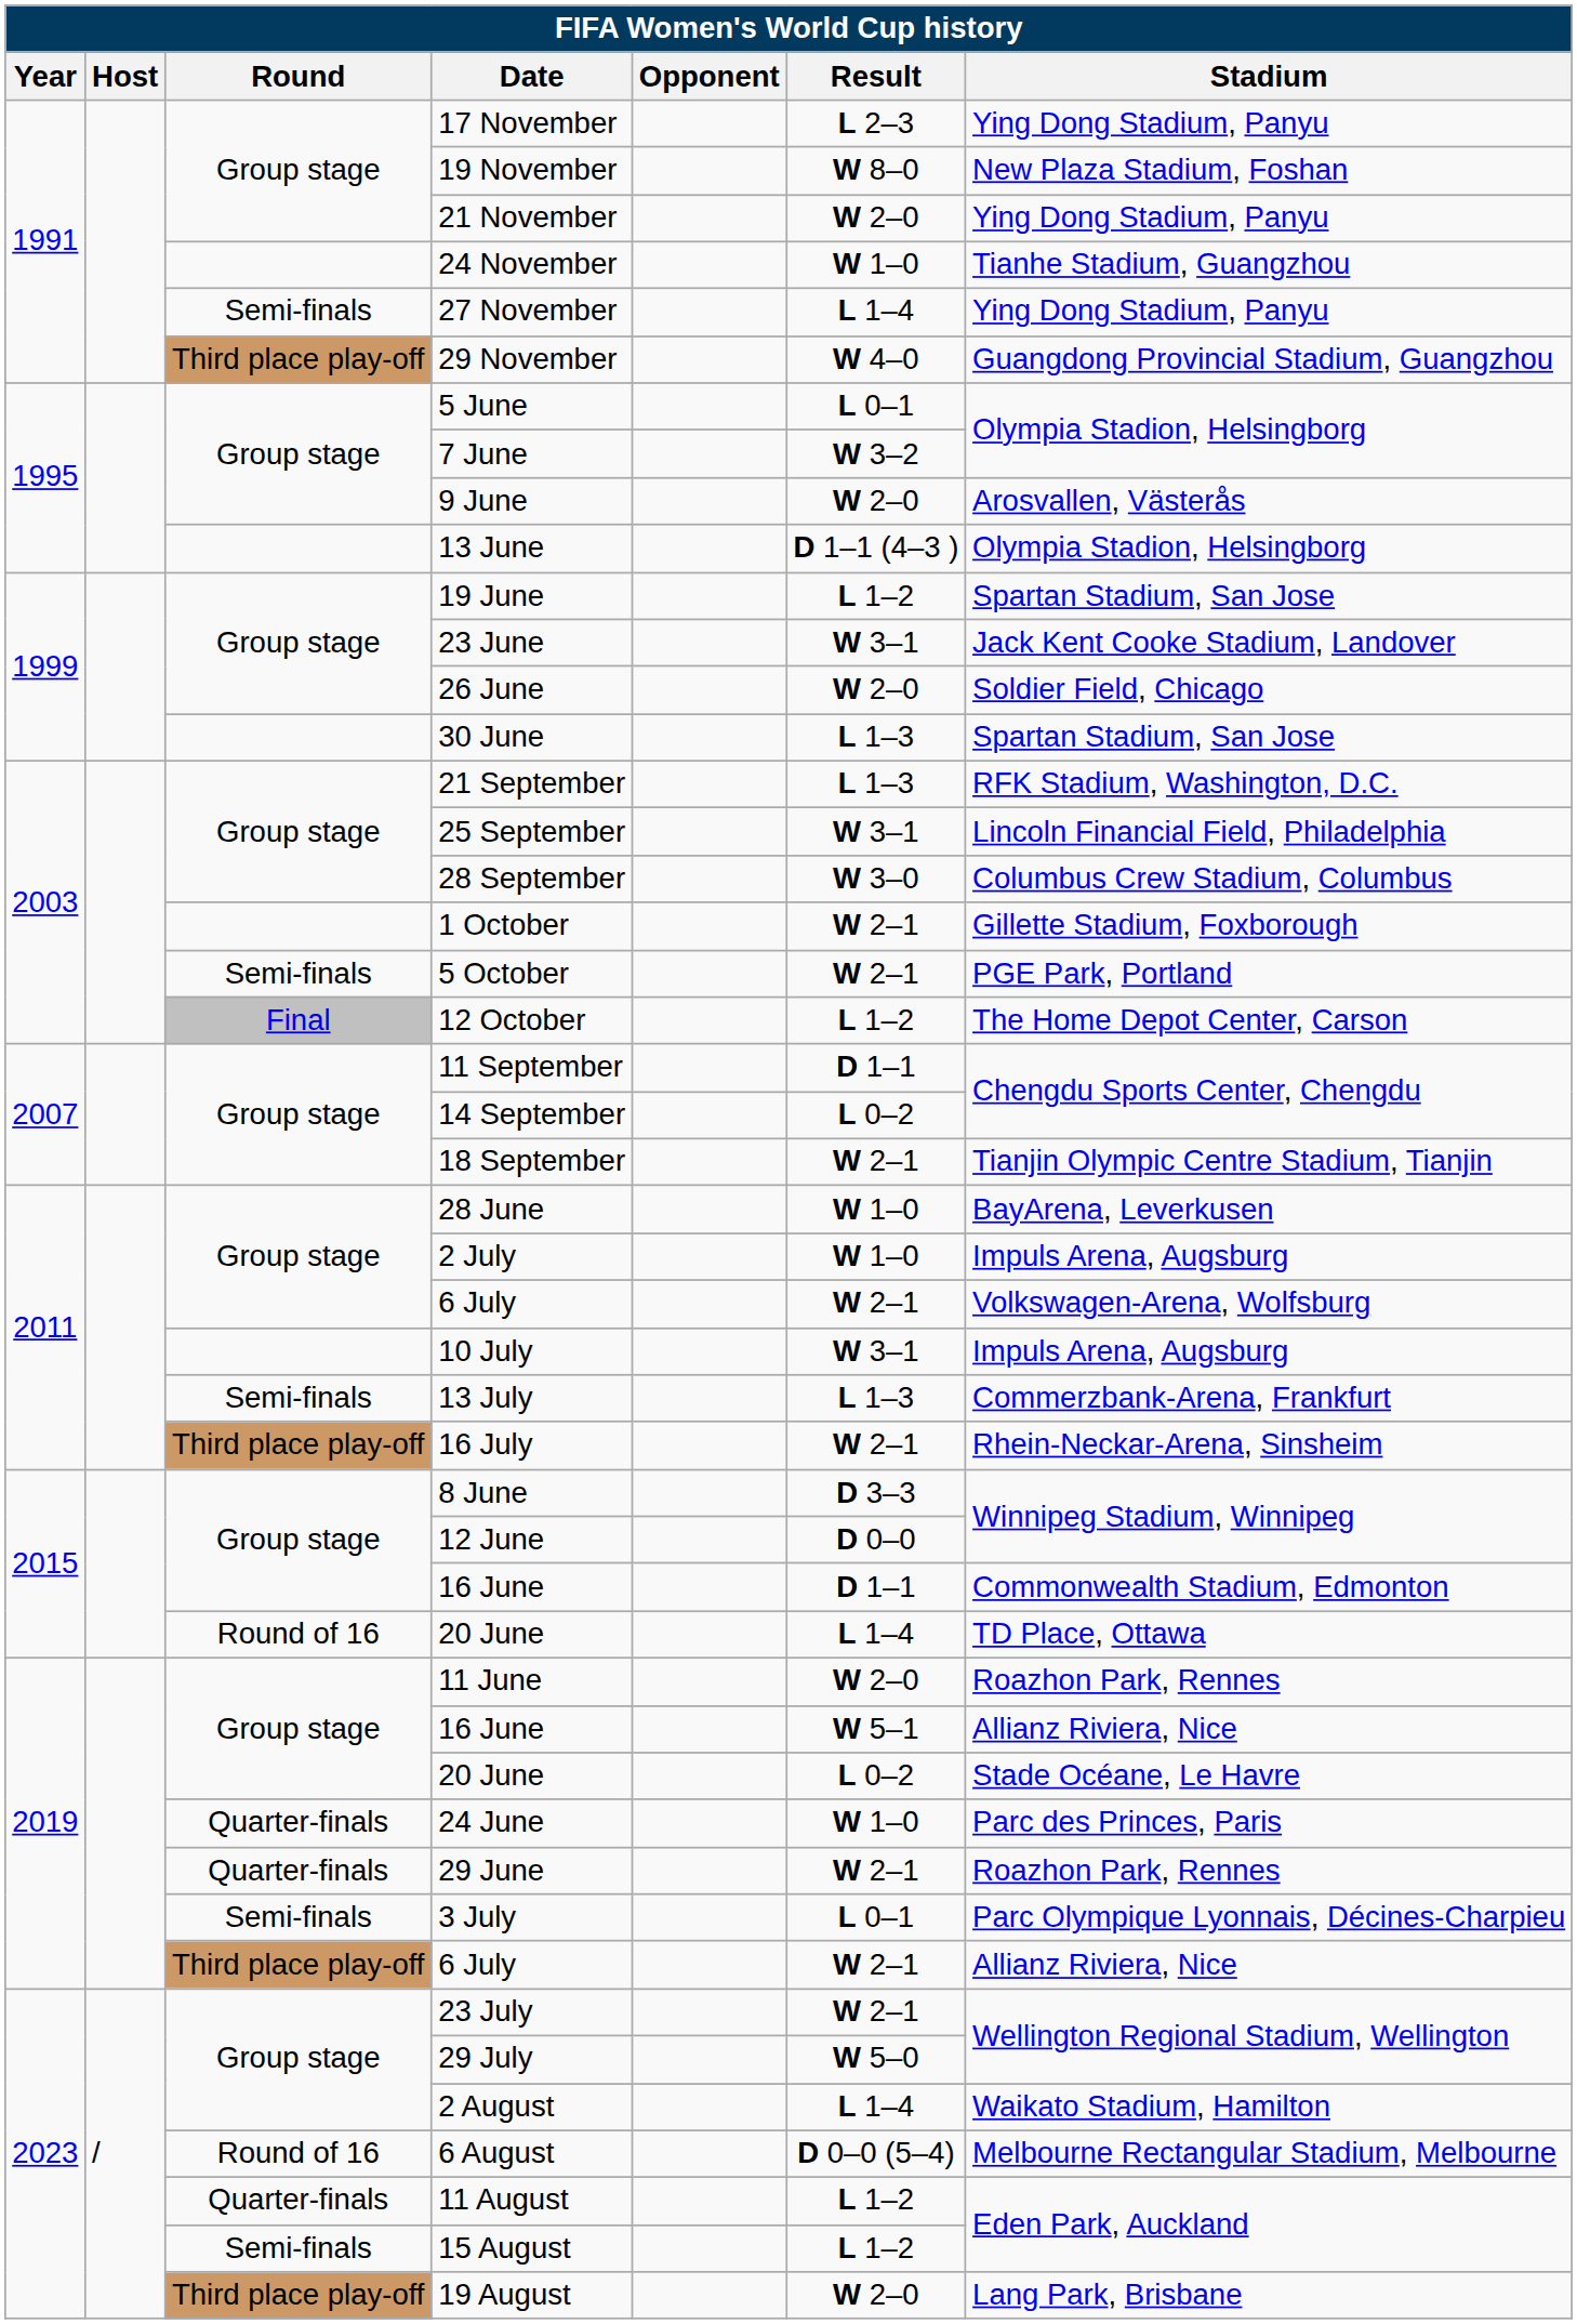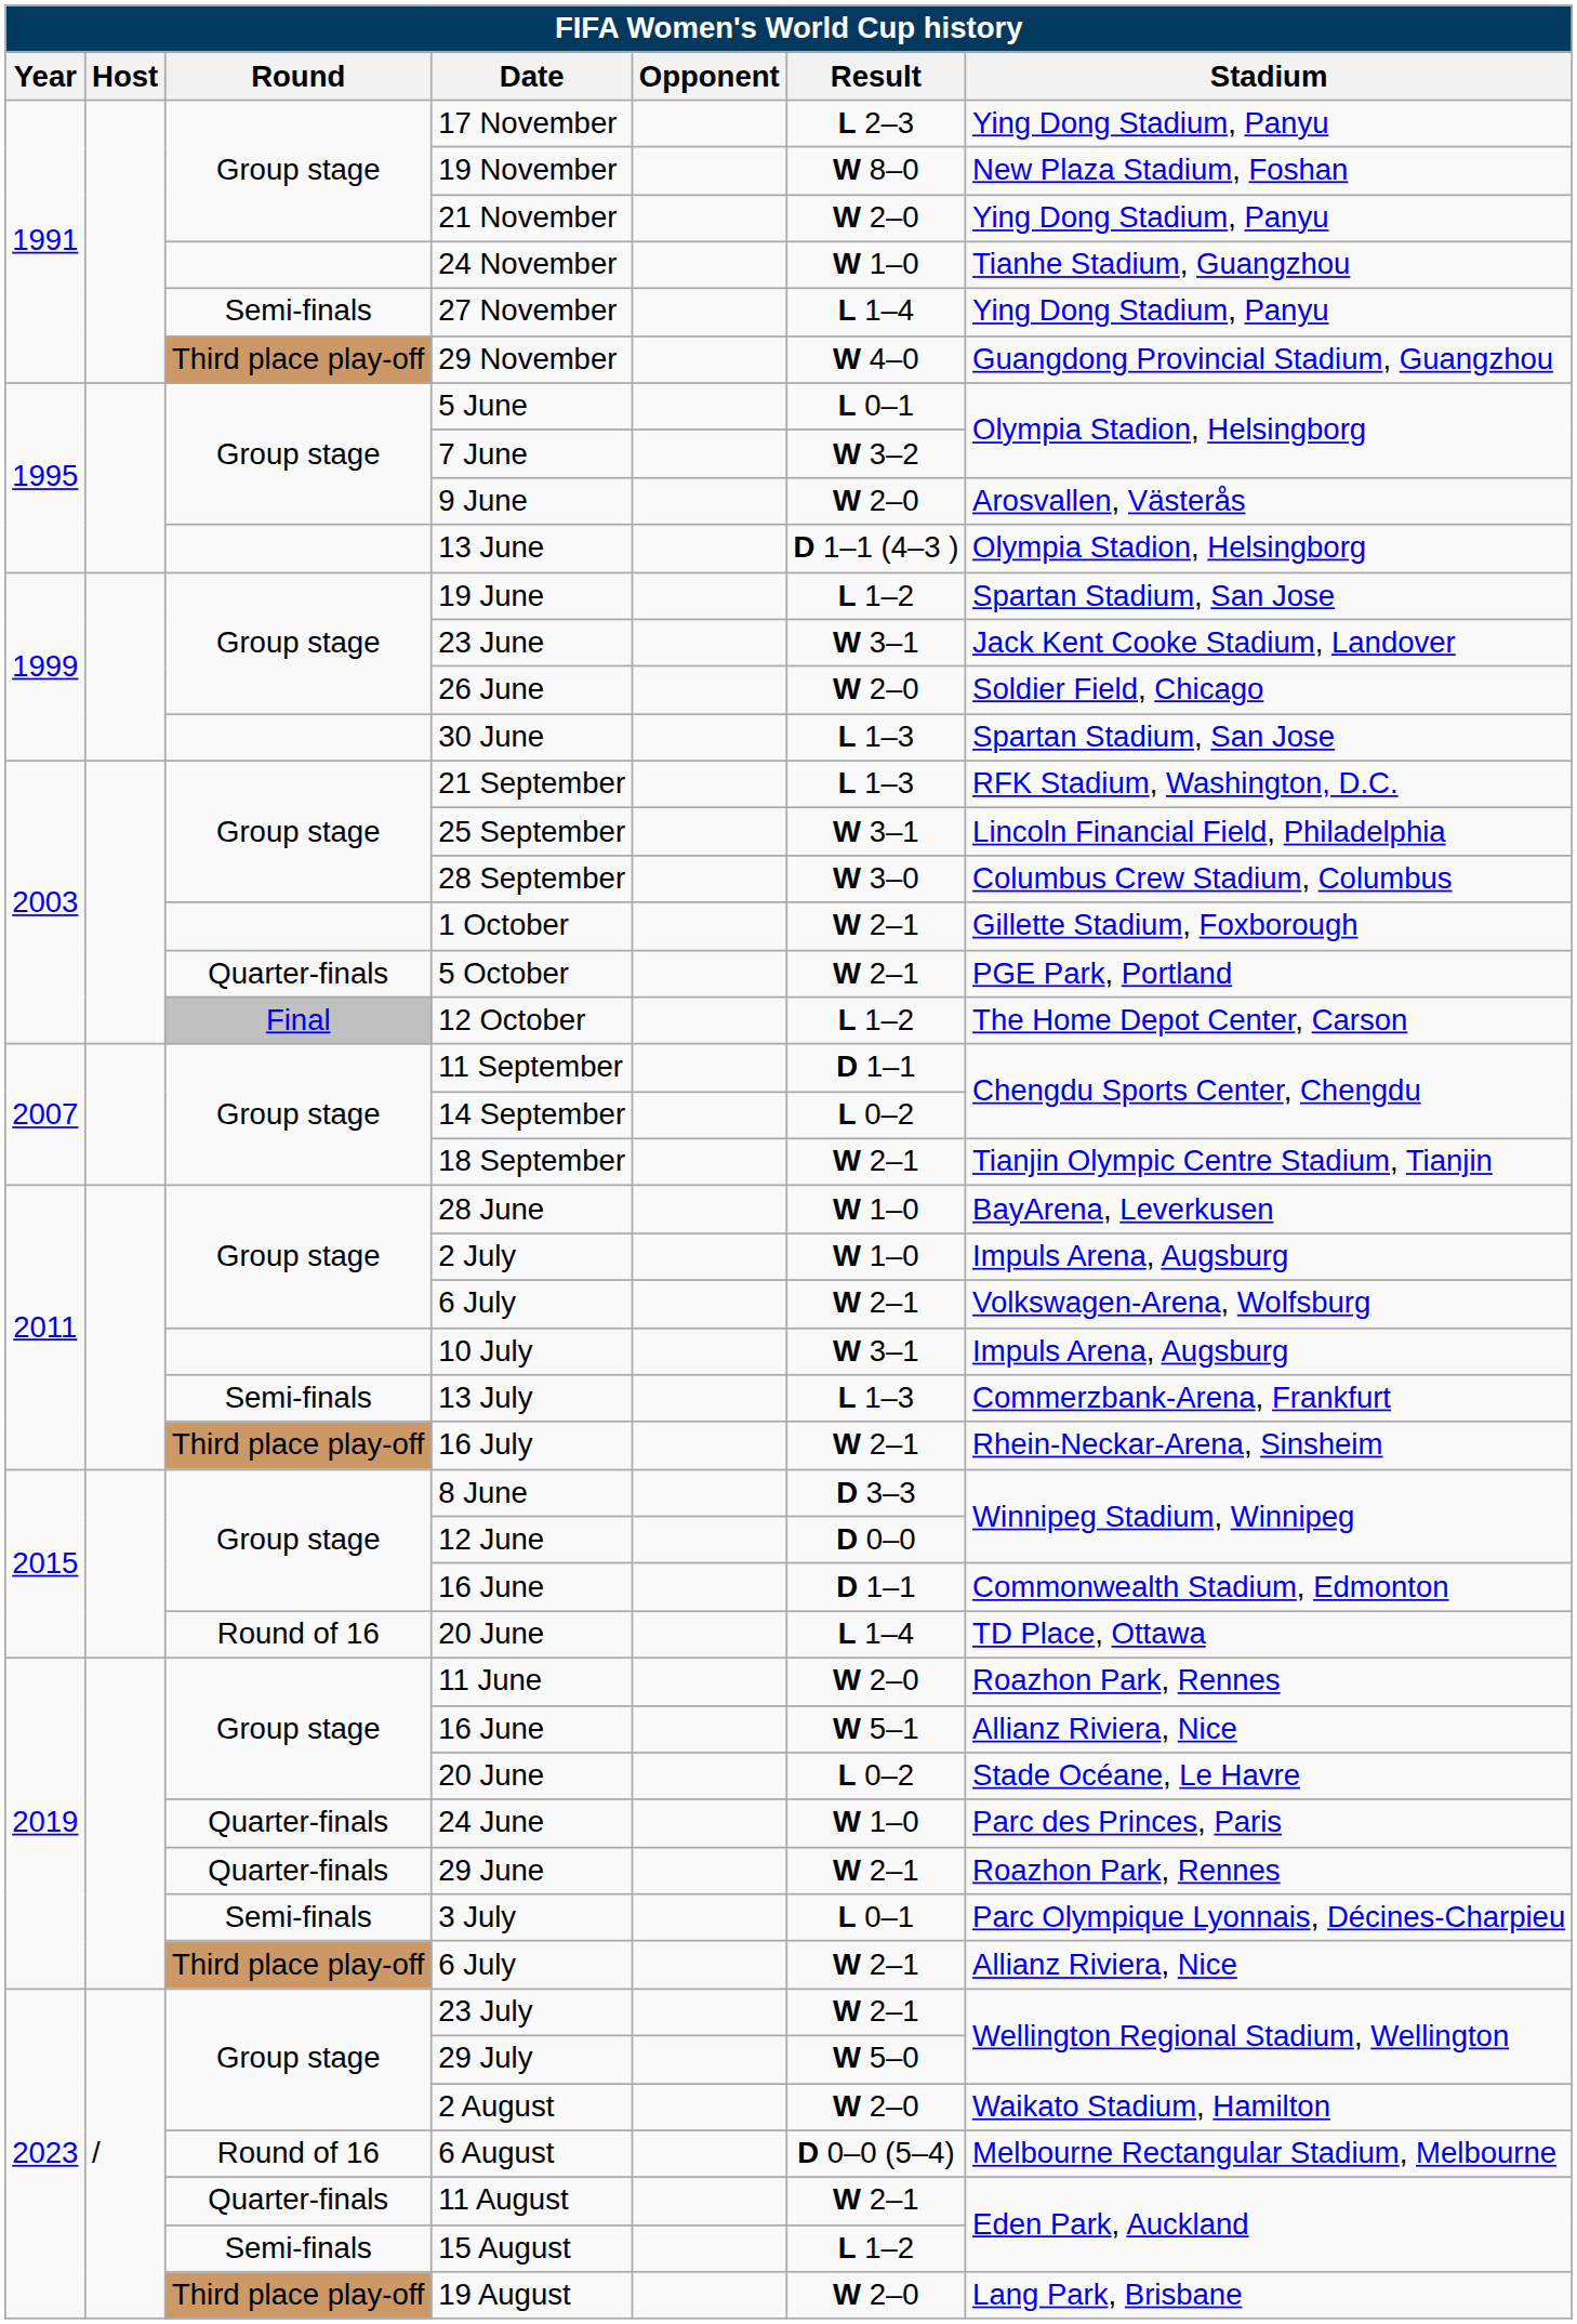 <table class="wikitable mw-collapsible mw-collapsed" style="text-align: center;">
 <tr>
 <th colspan=7 style="background: #013A5E; color: #FFFFFF;">FIFA Women's World Cup history</th>
 </tr>
 <tr>
 <th>Year</th>
 <th>Host</th>
 <th>Round</th>
 <th>Date</th>
 <th>Opponent</th>
 <th>Result</th>
 <th>Stadium</th>
 </tr>
 <tr>
 <td rowspan=6><a href='#'>1991</a></td>
 <td rowspan=6 align=left></td>
 <td rowspan=3>Group stage</td>
 <td align="left">17 November</td>
 <td align="left"></td>
 <td><strong>L</strong> 2–3</td>
 <td align="left"><a href='#'>Ying Dong Stadium</a>, <a href='#'>Panyu</a></td>
 </tr>
 <tr>
 <td align="left">19 November</td>
 <td align="left"></td>
 <td><strong>W</strong> 8–0</td>
 <td align="left"><a href='#'>New Plaza Stadium</a>, <a href='#'>Foshan</a></td>
 </tr>
 <tr>
 <td align="left">21 November</td>
 <td align="left"></td>
 <td><strong>W</strong> 2–0</td>
 <td align="left"><a href='#'>Ying Dong Stadium</a>, <a href='#'>Panyu</a></td>
 </tr>
 <tr>
 <td></td>
 <td align="left">24 November</td>
 <td align="left"></td>
 <td><strong>W</strong> 1–0</td>
 <td align="left"><a href='#'>Tianhe Stadium</a>, <a href='#'>Guangzhou</a></td>
 </tr>
 <tr>
 <td>Semi-finals</td>
 <td align="left">27 November</td>
 <td align="left"></td>
 <td><strong>L</strong> 1–4</td>
 <td align="left"><a href='#'>Ying Dong Stadium</a>, <a href='#'>Panyu</a></td>
 </tr>
 <tr>
 <td bgcolor="#cc9966">Third place play-off</td>
 <td align="left">29 November</td>
 <td align="left"></td>
 <td><strong>W</strong> 4–0</td>
 <td align="left"><a href='#'>Guangdong Provincial Stadium</a>, <a href='#'>Guangzhou</a></td>
 </tr>
 <tr>
 <td rowspan=4><a href='#'>1995</a></td>
 <td rowspan=4 align=left></td>
 <td rowspan=3>Group stage</td>
 <td align="left">5 June</td>
 <td align="left"></td>
 <td><strong>L</strong> 0–1</td>
 <td rowspan=2 align="left"><a href='#'>Olympia Stadion</a>, <a href='#'>Helsingborg</a></td>
 </tr>
 <tr>
 <td align="left">7 June</td>
 <td align="left"></td>
 <td><strong>W</strong> 3–2</td>
 </tr>
 <tr>
 <td align="left">9 June</td>
 <td align="left"></td>
 <td><strong>W</strong> 2–0</td>
 <td align="left"><a href='#'>Arosvallen</a>, <a href='#'>Västerås</a></td>
 </tr>
 <tr>
 <td></td>
 <td align="left">13 June</td>
 <td align="left"></td>
 <td><strong>D</strong> 1–1 (4–3 )</td>
 <td align="left"><a href='#'>Olympia Stadion</a>, <a href='#'>Helsingborg</a></td>
 </tr>
 <tr>
 <td rowspan=4><a href='#'>1999</a></td>
 <td rowspan=4 align=left></td>
 <td rowspan=3>Group stage</td>
 <td align="left">19 June</td>
 <td align="left"></td>
 <td><strong>L</strong> 1–2</td>
 <td align="left"><a href='#'>Spartan Stadium</a>, <a href='#'>San Jose</a></td>
 </tr>
 <tr>
 <td align="left">23 June</td>
 <td align="left"></td>
 <td><strong>W</strong> 3–1</td>
 <td align="left"><a href='#'>Jack Kent Cooke Stadium</a>, <a href='#'>Landover</a></td>
 </tr>
 <tr>
 <td align="left">26 June</td>
 <td align="left"></td>
 <td><strong>W</strong> 2–0</td>
 <td align="left"><a href='#'>Soldier Field</a>, <a href='#'>Chicago</a></td>
 </tr>
 <tr>
 <td></td>
 <td align="left">30 June</td>
 <td align="left"></td>
 <td><strong>L</strong> 1–3</td>
 <td align="left"><a href='#'>Spartan Stadium</a>, <a href='#'>San Jose</a></td>
 </tr>
 <tr>
 <td rowspan=6><a href='#'>2003</a></td>
 <td rowspan=6 align=left></td>
 <td rowspan=3>Group stage</td>
 <td align="left">21 September</td>
 <td align="left"></td>
 <td><strong>L</strong> 1–3</td>
 <td align="left"><a href='#'>RFK Stadium</a>, <a href='#'>Washington, D.C.</a></td>
 </tr>
 <tr>
 <td align="left">25 September</td>
 <td align="left"></td>
 <td><strong>W</strong> 3–1</td>
 <td align="left"><a href='#'>Lincoln Financial Field</a>, <a href='#'>Philadelphia</a></td>
 </tr>
 <tr>
 <td align="left">28 September</td>
 <td align="left"></td>
 <td><strong>W</strong> 3–0</td>
 <td align="left"><a href='#'>Columbus Crew Stadium</a>, <a href='#'>Columbus</a></td>
 </tr>
 <tr>
 <td></td>
 <td align="left">1 October</td>
 <td align="left"></td>
 <td><strong>W</strong> 2–1</td>
 <td align="left"><a href='#'>Gillette Stadium</a>, <a href='#'>Foxborough</a></td>
 </tr>
 <tr>
-<td>Semi-finals</td>
+<td>Quarter-finals</td>
 <td align="left">5 October</td>
 <td align="left"></td>
 <td><strong>W</strong> 2–1</td>
 <td align="left"><a href='#'>PGE Park</a>, <a href='#'>Portland</a></td>
 </tr>
 <tr>
 <td style="background:silver;"><a href='#'>Final</a></td>
 <td align="left">12 October</td>
 <td align="left"></td>
 <td><strong>L</strong> 1–2 </td>
 <td align="left"><a href='#'>The Home Depot Center</a>, <a href='#'>Carson</a></td>
 </tr>
 <tr>
 <td rowspan=3><a href='#'>2007</a></td>
 <td rowspan=3 align=left></td>
 <td rowspan=3>Group stage</td>
 <td align="left">11 September</td>
 <td align="left"></td>
 <td><strong>D</strong> 1–1</td>
 <td rowspan=2 align="left"><a href='#'>Chengdu Sports Center</a>, <a href='#'>Chengdu</a></td>
 </tr>
 <tr>
 <td align="left">14 September</td>
 <td align="left"></td>
 <td><strong>L</strong> 0–2</td>
 </tr>
 <tr>
 <td align="left">18 September</td>
 <td align="left"></td>
 <td><strong>W</strong> 2–1</td>
 <td align="left"><a href='#'>Tianjin Olympic Centre Stadium</a>, <a href='#'>Tianjin</a></td>
 </tr>
 <tr>
 <td rowspan=6><a href='#'>2011</a></td>
 <td rowspan=6 align=left></td>
 <td rowspan=3>Group stage</td>
 <td align="left">28 June</td>
 <td align="left"></td>
 <td><strong>W</strong> 1–0</td>
 <td align="left"><a href='#'>BayArena</a>, <a href='#'>Leverkusen</a></td>
 </tr>
 <tr>
 <td align="left">2 July</td>
 <td align="left"></td>
 <td><strong>W</strong> 1–0</td>
 <td align="left"><a href='#'>Impuls Arena</a>, <a href='#'>Augsburg</a></td>
 </tr>
 <tr>
 <td align="left">6 July</td>
 <td align="left"></td>
 <td><strong>W</strong> 2–1</td>
 <td align="left"><a href='#'>Volkswagen-Arena</a>, <a href='#'>Wolfsburg</a></td>
 </tr>
 <tr>
 <td></td>
 <td align="left">10 July</td>
 <td align="left"></td>
 <td><strong>W</strong> 3–1</td>
 <td align="left"><a href='#'>Impuls Arena</a>, <a href='#'>Augsburg</a></td>
 </tr>
 <tr>
 <td>Semi-finals</td>
 <td align="left">13 July</td>
 <td align="left"></td>
 <td><strong>L</strong> 1–3</td>
 <td align="left"><a href='#'>Commerzbank-Arena</a>, <a href='#'>Frankfurt</a></td>
 </tr>
 <tr>
 <td bgcolor="#cc9966">Third place play-off</td>
 <td align="left">16 July</td>
 <td align="left"></td>
 <td><strong>W</strong> 2–1</td>
 <td align="left"><a href='#'>Rhein-Neckar-Arena</a>, <a href='#'>Sinsheim</a></td>
 </tr>
 <tr>
 <td rowspan=4><a href='#'>2015</a></td>
 <td rowspan=4 align=left></td>
 <td rowspan=3>Group stage</td>
 <td align="left">8 June</td>
 <td align="left"></td>
 <td><strong>D</strong> 3–3</td>
 <td rowspan=2 align="left"><a href='#'>Winnipeg Stadium</a>, <a href='#'>Winnipeg</a></td>
 </tr>
 <tr>
 <td align="left">12 June</td>
 <td align="left"></td>
 <td><strong>D</strong> 0–0</td>
 </tr>
 <tr>
 <td align="left">16 June</td>
 <td align="left"></td>
 <td><strong>D</strong> 1–1</td>
 <td align="left"><a href='#'>Commonwealth Stadium</a>, <a href='#'>Edmonton</a></td>
 </tr>
 <tr>
 <td>Round of 16</td>
 <td align="left">20 June</td>
 <td align="left"></td>
 <td><strong>L</strong> 1–4</td>
 <td align="left"><a href='#'>TD Place</a>, <a href='#'>Ottawa</a></td>
 </tr>
 <tr>
 <td rowspan=7><a href='#'>2019</a></td>
 <td rowspan=7 align=left></td>
 <td rowspan=3>Group stage</td>
 <td align="left">11 June</td>
 <td align="left"></td>
 <td><strong>W</strong> 2–0</td>
 <td align="left"><a href='#'>Roazhon Park</a>, <a href='#'>Rennes</a></td>
 </tr>
 <tr>
 <td align="left">16 June</td>
 <td align="left"></td>
 <td><strong>W</strong> 5–1</td>
 <td align="left"><a href='#'>Allianz Riviera</a>, <a href='#'>Nice</a></td>
 </tr>
 <tr>
 <td align="left">20 June</td>
 <td align="left"></td>
 <td><strong>L</strong> 0–2</td>
 <td align="left"><a href='#'>Stade Océane</a>, <a href='#'>Le Havre</a></td>
 </tr>
 <tr>
 <td>Quarter-finals</td>
 <td align="left">24 June</td>
 <td align="left"></td>
 <td><strong>W</strong> 1–0</td>
 <td align="left"><a href='#'>Parc des Princes</a>, <a href='#'>Paris</a></td>
 </tr>
 <tr>
 <td>Quarter-finals</td>
 <td align="left">29 June</td>
 <td align="left"></td>
 <td><strong>W</strong> 2–1</td>
 <td align="left"><a href='#'>Roazhon Park</a>, <a href='#'>Rennes</a></td>
 </tr>
 <tr>
 <td>Semi-finals</td>
 <td align="left">3 July</td>
 <td align="left"></td>
 <td><strong>L</strong> 0–1 </td>
 <td align="left"><a href='#'>Parc Olympique Lyonnais</a>, <a href='#'>Décines-Charpieu</a></td>
 </tr>
 <tr>
 <td bgcolor="#cc9966">Third place play-off</td>
 <td align="left">6 July</td>
 <td align="left"></td>
 <td><strong>W</strong> 2–1</td>
 <td align="left"><a href='#'>Allianz Riviera</a>, <a href='#'>Nice</a></td>
 </tr>
 <tr>
 <td rowspan=7><a href='#'>2023</a></td>
 <td rowspan=7 align=left>/</td>
 <td rowspan=3>Group stage</td>
 <td align="left">23 July</td>
 <td align="left"></td>
 <td><strong>W</strong> 2–1</td>
 <td rowspan=2 align="left"><a href='#'>Wellington Regional Stadium</a>, <a href='#'>Wellington</a></td>
 </tr>
 <tr>
 <td align="left">29 July</td>
 <td align="left"></td>
 <td><strong>W</strong> 5–0</td>
 </tr>
 <tr>
 <td align="left">2 August</td>
 <td align="left"></td>
-<td><strong>L</strong> 1–4</td>
+<td><strong>W</strong> 2–0</td>
 <td align="left"><a href='#'>Waikato Stadium</a>, <a href='#'>Hamilton</a></td>
 </tr>
 <tr>
 <td>Round of 16</td>
 <td align="left">6 August</td>
 <td align="left"></td>
 <td><strong>D</strong> 0–0 (5–4)</td>
 <td align="left"><a href='#'>Melbourne Rectangular Stadium</a>, <a href='#'>Melbourne</a></td>
 </tr>
 <tr>
 <td>Quarter-finals</td>
 <td align="left">11 August</td>
 <td align="left"></td>
-<td><strong>L</strong> 1–2 </td>
+<td><strong>W</strong> 2–1</td>
 <td rowspan=2 align="left"><a href='#'>Eden Park</a>, <a href='#'>Auckland</a></td>
 </tr>
 <tr>
 <td>Semi-finals</td>
 <td align="left">15 August</td>
 <td align="left"></td>
 <td><strong>L</strong> 1–2</td>
 </tr>
 <tr>
 <td bgcolor="#cc9966">Third place play-off</td>
 <td align="left">19 August</td>
 <td align="left"></td>
 <td><strong>W</strong> 2–0</td>
 <td align="left"><a href='#'>Lang Park</a>, <a href='#'>Brisbane</a></td>
 </tr>
 </table>
